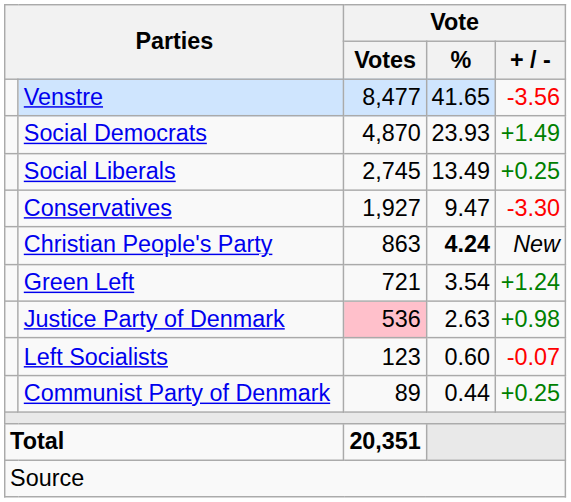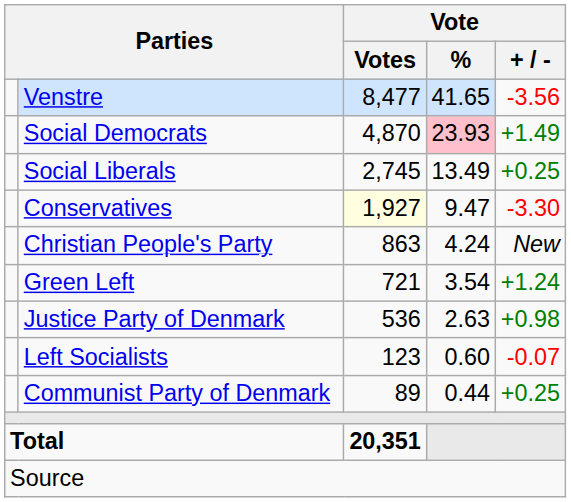 <table class="wikitable" style="text-align:right;">
 <tr>
 <th style="text-align:centre;" rowspan="2" colspan="2" width="225">Parties</th>
 <th colspan="3">Vote</th>
 </tr>
 <tr>
 <th width="15">Votes</th>
 <th width="15">%</th>
 <th width="15">+ / -</th>
 </tr>
 <tr>
 <td width="2" style="color:inherit;background:"></td>
 <td bgcolor=#cfe5fe  align="left"><a href='#'>Venstre</a></td>
 <td bgcolor=#cfe5fe>8,477</td>
 <td bgcolor=#cfe5fe>41.65</td>
 <td style=color:red;>-3.56</td>
 </tr>
 <tr>
 <td width="2" style="color:inherit;background:"></td>
 <td align="left"><a href='#'>Social Democrats</a></td>
 <td>4,870</td>
-<td>23.93</td>
+<td style="background: pink;">23.93</td>
 <td style=color:green;>+1.49</td>
 </tr>
 <tr>
 <td width="2" style="color:inherit;background:"></td>
 <td align="left"><a href='#'>Social Liberals</a></td>
 <td>2,745</td>
 <td>13.49</td>
 <td style=color:green;>+0.25</td>
 </tr>
 <tr>
 <td width="2" style="color:inherit;background:"></td>
 <td align="left"><a href='#'>Conservatives</a></td>
-<td>1,927</td>
+<td style="background: lightyellow;">1,927</td>
 <td>9.47</td>
 <td style=color:red;>-3.30</td>
 </tr>
 <tr>
 <td width="2" style="color:inherit;background:"></td>
 <td align="left"><a href='#'>Christian People's Party</a></td>
 <td>863</td>
-<td><strong>4.24</strong></td>
+<td>4.24</td>
 <td><em>New</em></td>
 </tr>
 <tr>
 <td width="2" style="color:inherit;background:"></td>
 <td align="left"><a href='#'>Green Left</a></td>
 <td>721</td>
 <td>3.54</td>
 <td style=color:green;>+1.24</td>
 </tr>
 <tr>
 <td width="2" style="color:inherit;background:"></td>
 <td align="left"><a href='#'>Justice Party of Denmark</a></td>
-<td style="background: pink;">536</td>
+<td>536</td>
 <td>2.63</td>
 <td style=color:green;>+0.98</td>
 </tr>
 <tr>
 <td width="2" style="color:inherit;background:"></td>
 <td align="left"><a href='#'>Left Socialists</a></td>
 <td>123</td>
 <td>0.60</td>
 <td style=color:red;>-0.07</td>
 </tr>
 <tr>
 <td width="2" style="color:inherit;background:"></td>
 <td align="left"><a href='#'>Communist Party of Denmark</a></td>
 <td>89</td>
 <td>0.44</td>
 <td style=color:green;>+0.25</td>
 </tr>
 <tr>
 <td colspan="7" bgcolor="#E9E9E9"></td>
 </tr>
 <tr>
 <td align="left" colspan="2"><strong>Total</strong></td>
 <td><strong>20,351</strong></td>
 <td bgcolor="#E9E9E9" colspan="2"></td>
 </tr>
 <tr>
 <td align="left" colspan="6">Source</td>
 </tr>
 </table>
